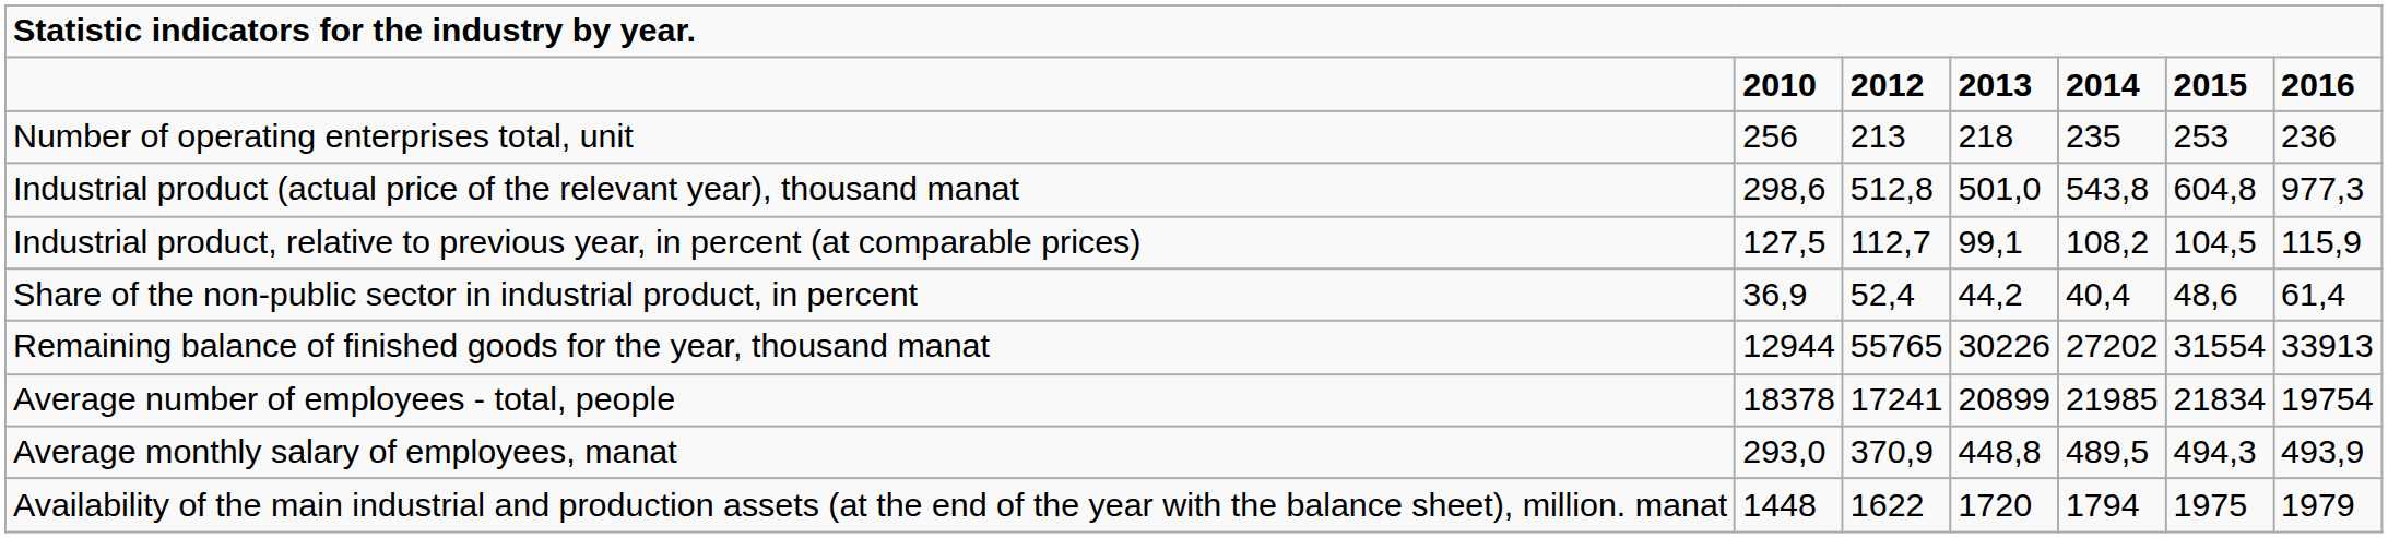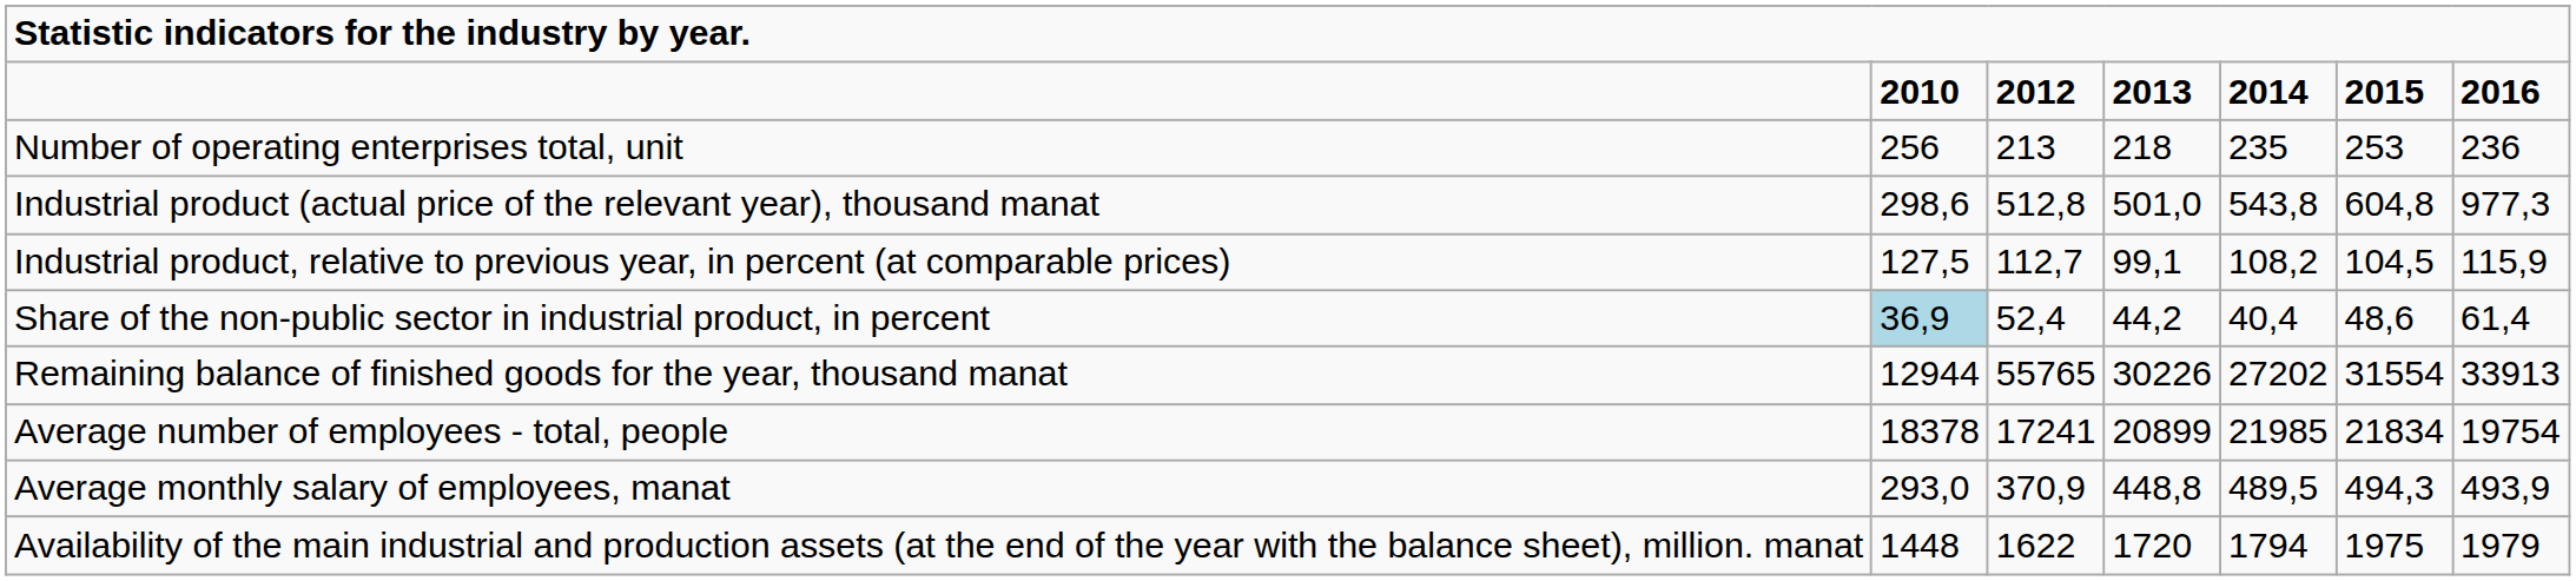 <table class="wikitable">
 <tr>
 <td colspan="7"><strong>Statistic indicators for the industry by year.</strong></td>
 </tr>
 <tr>
 <td></td>
 <td><strong>2010</strong></td>
 <td><strong>2012</strong></td>
 <td><strong>2013</strong></td>
 <td><strong>2014</strong></td>
 <td><strong>2015</strong></td>
 <td><strong>2016</strong></td>
 </tr>
 <tr>
 <td>Number of operating enterprises total, unit</td>
 <td>256</td>
 <td>213</td>
 <td>218</td>
 <td>235</td>
 <td>253</td>
 <td>236</td>
 </tr>
 <tr>
 <td>Industrial product (actual price of the relevant year), thousand manat</td>
 <td>298,6</td>
 <td>512,8</td>
 <td>501,0</td>
 <td>543,8</td>
 <td>604,8</td>
 <td>977,3</td>
 </tr>
 <tr>
 <td>Industrial product, relative to previous year, in percent (at comparable prices)</td>
 <td>127,5</td>
 <td>112,7</td>
 <td>99,1</td>
 <td>108,2</td>
 <td>104,5</td>
 <td>115,9</td>
 </tr>
 <tr>
 <td>Share of the non-public sector in industrial product, in percent</td>
-<td>36,9</td>
+<td style="background: lightblue;">36,9</td>
 <td>52,4</td>
 <td>44,2</td>
 <td>40,4</td>
 <td>48,6</td>
 <td>61,4</td>
 </tr>
 <tr>
 <td>Remaining balance of finished goods for the year, thousand manat</td>
 <td>12944</td>
 <td>55765</td>
 <td>30226</td>
 <td>27202</td>
 <td>31554</td>
 <td>33913</td>
 </tr>
 <tr>
 <td>Average number of employees - total, people</td>
 <td>18378</td>
 <td>17241</td>
 <td>20899</td>
 <td>21985</td>
 <td>21834</td>
 <td>19754</td>
 </tr>
 <tr>
 <td>Average monthly salary of employees, manat</td>
 <td>293,0</td>
 <td>370,9</td>
 <td>448,8</td>
 <td>489,5</td>
 <td>494,3</td>
 <td>493,9</td>
 </tr>
 <tr>
 <td>Availability of the main industrial and production assets (at the end of the year with the balance sheet), million. manat</td>
 <td>1448</td>
 <td>1622</td>
 <td>1720</td>
 <td>1794</td>
 <td>1975</td>
 <td>1979</td>
 </tr>
 </table>
